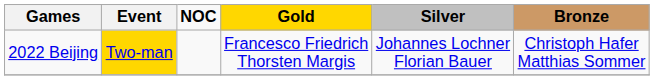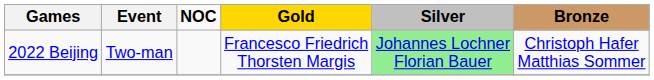 <table class="wikitable sortable">
 <tr align=center>
 <th><strong>Games</strong></th>
 <th>Event</th>
 <td><strong>NOC</strong></td>
 <th style="background:gold;"><strong>Gold</strong></th>
 <th style="background:silver;"><strong>Silver</strong></th>
 <th style="background:#c96;"><strong>Bronze</strong></th>
 </tr>
 <tr>
 <td><a href='#'>2022 Beijing</a></td>
-<td style="background: gold;"><a href='#'>Two-man</a></td>
+<td><a href='#'>Two-man</a></td>
 <td align=left></td>
 <td align=center><a href='#'>Francesco Friedrich</a><br><a href='#'>Thorsten Margis</a></td>
-<td align=center><a href='#'>Johannes Lochner</a><br><a href='#'>Florian Bauer</a></td>
+<td align=center style="background: lightgreen;"><a href='#'>Johannes Lochner</a><br><a href='#'>Florian Bauer</a></td>
 <td align=center><a href='#'>Christoph Hafer</a><br><a href='#'>Matthias Sommer</a></td>
 </tr>
 <tr>
 </tr>
 </table>
